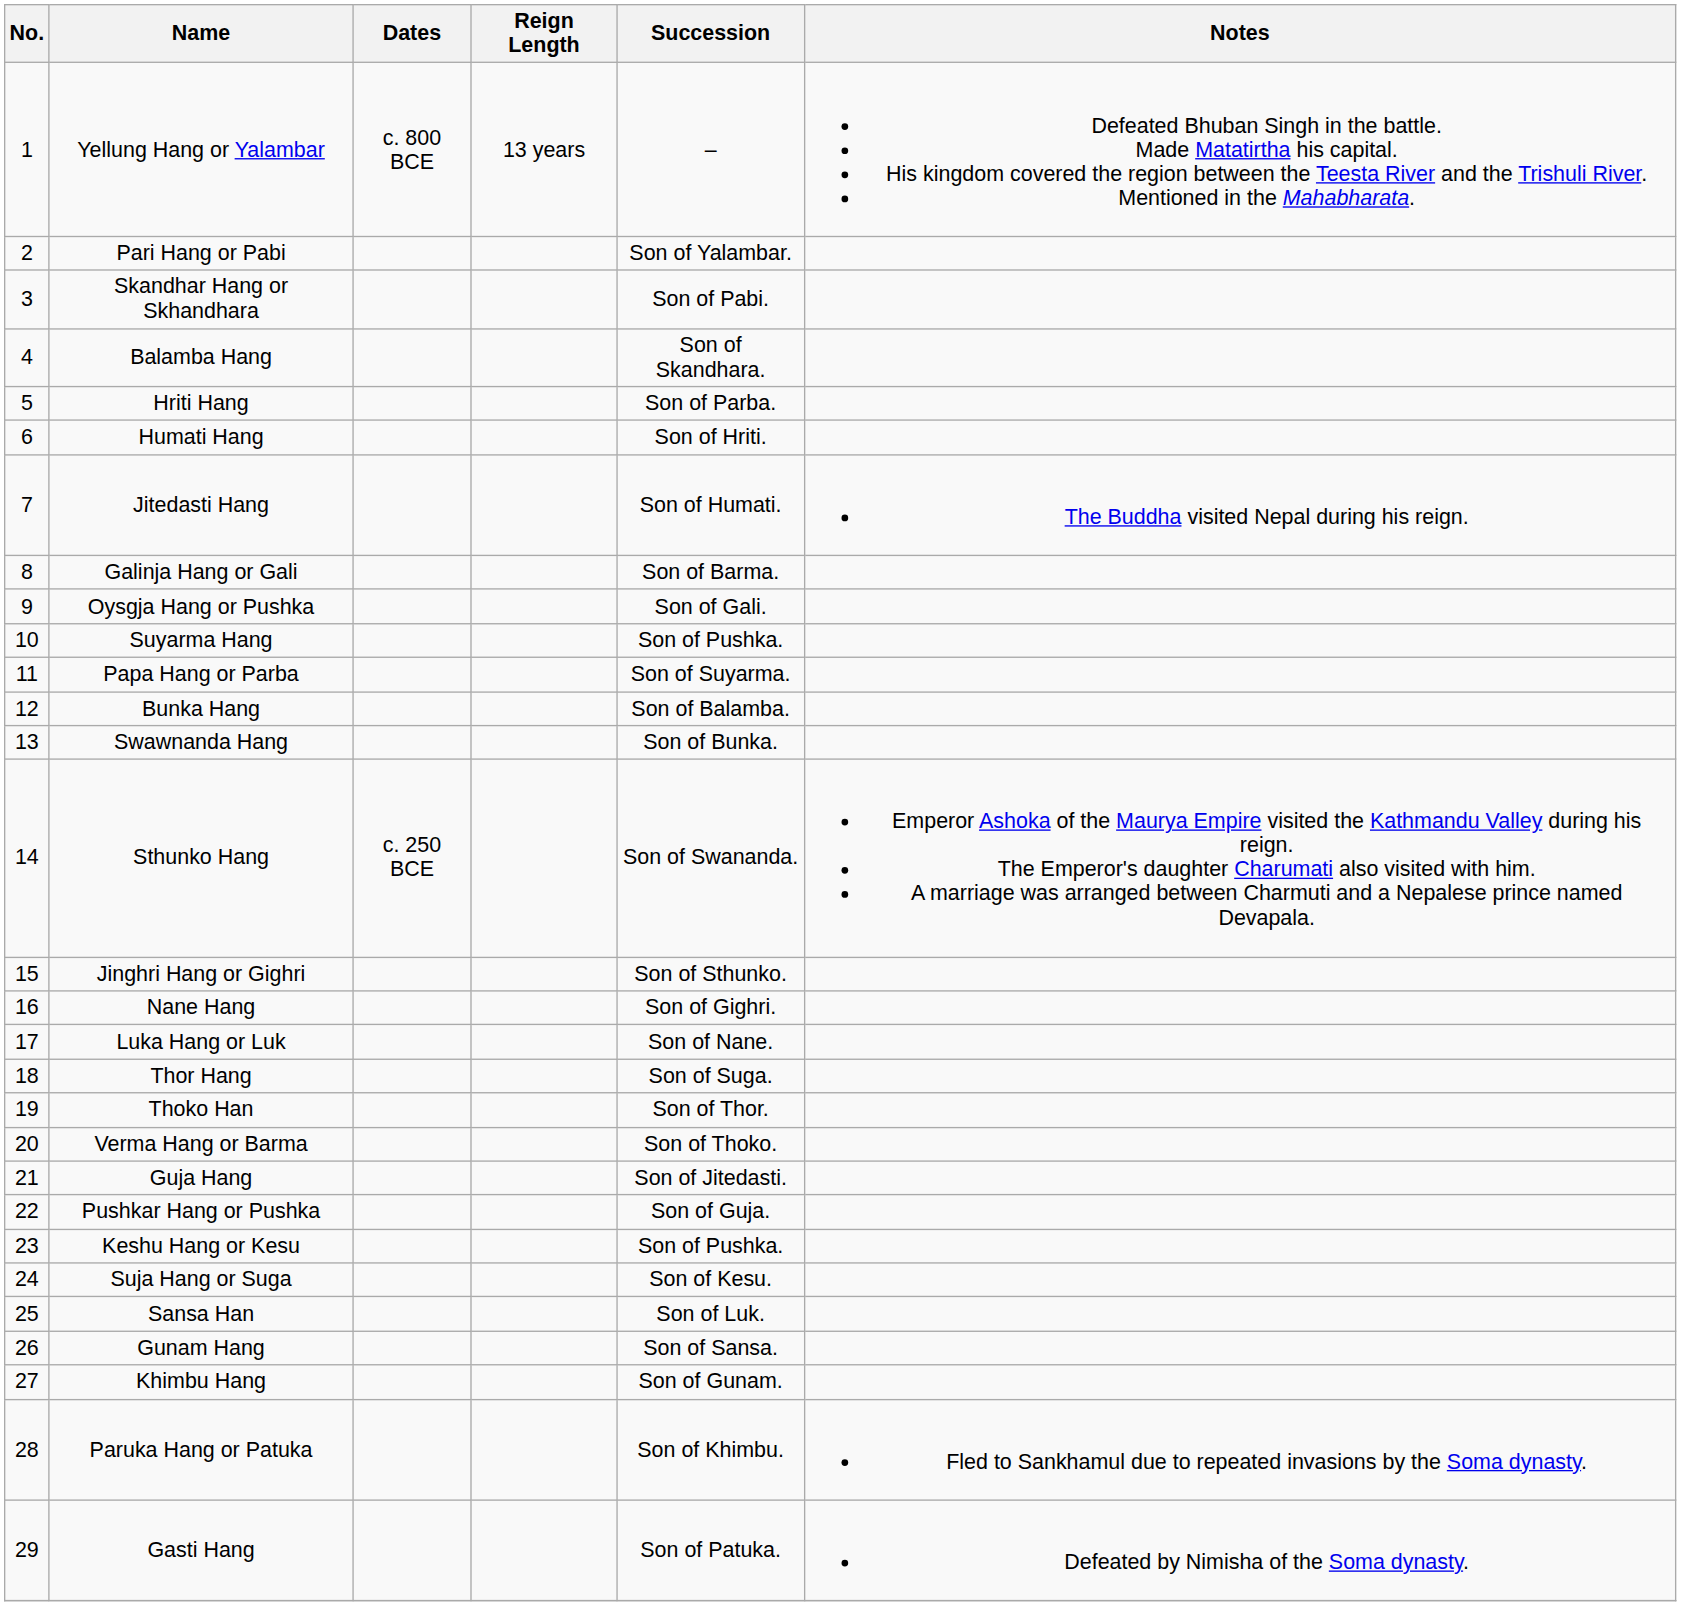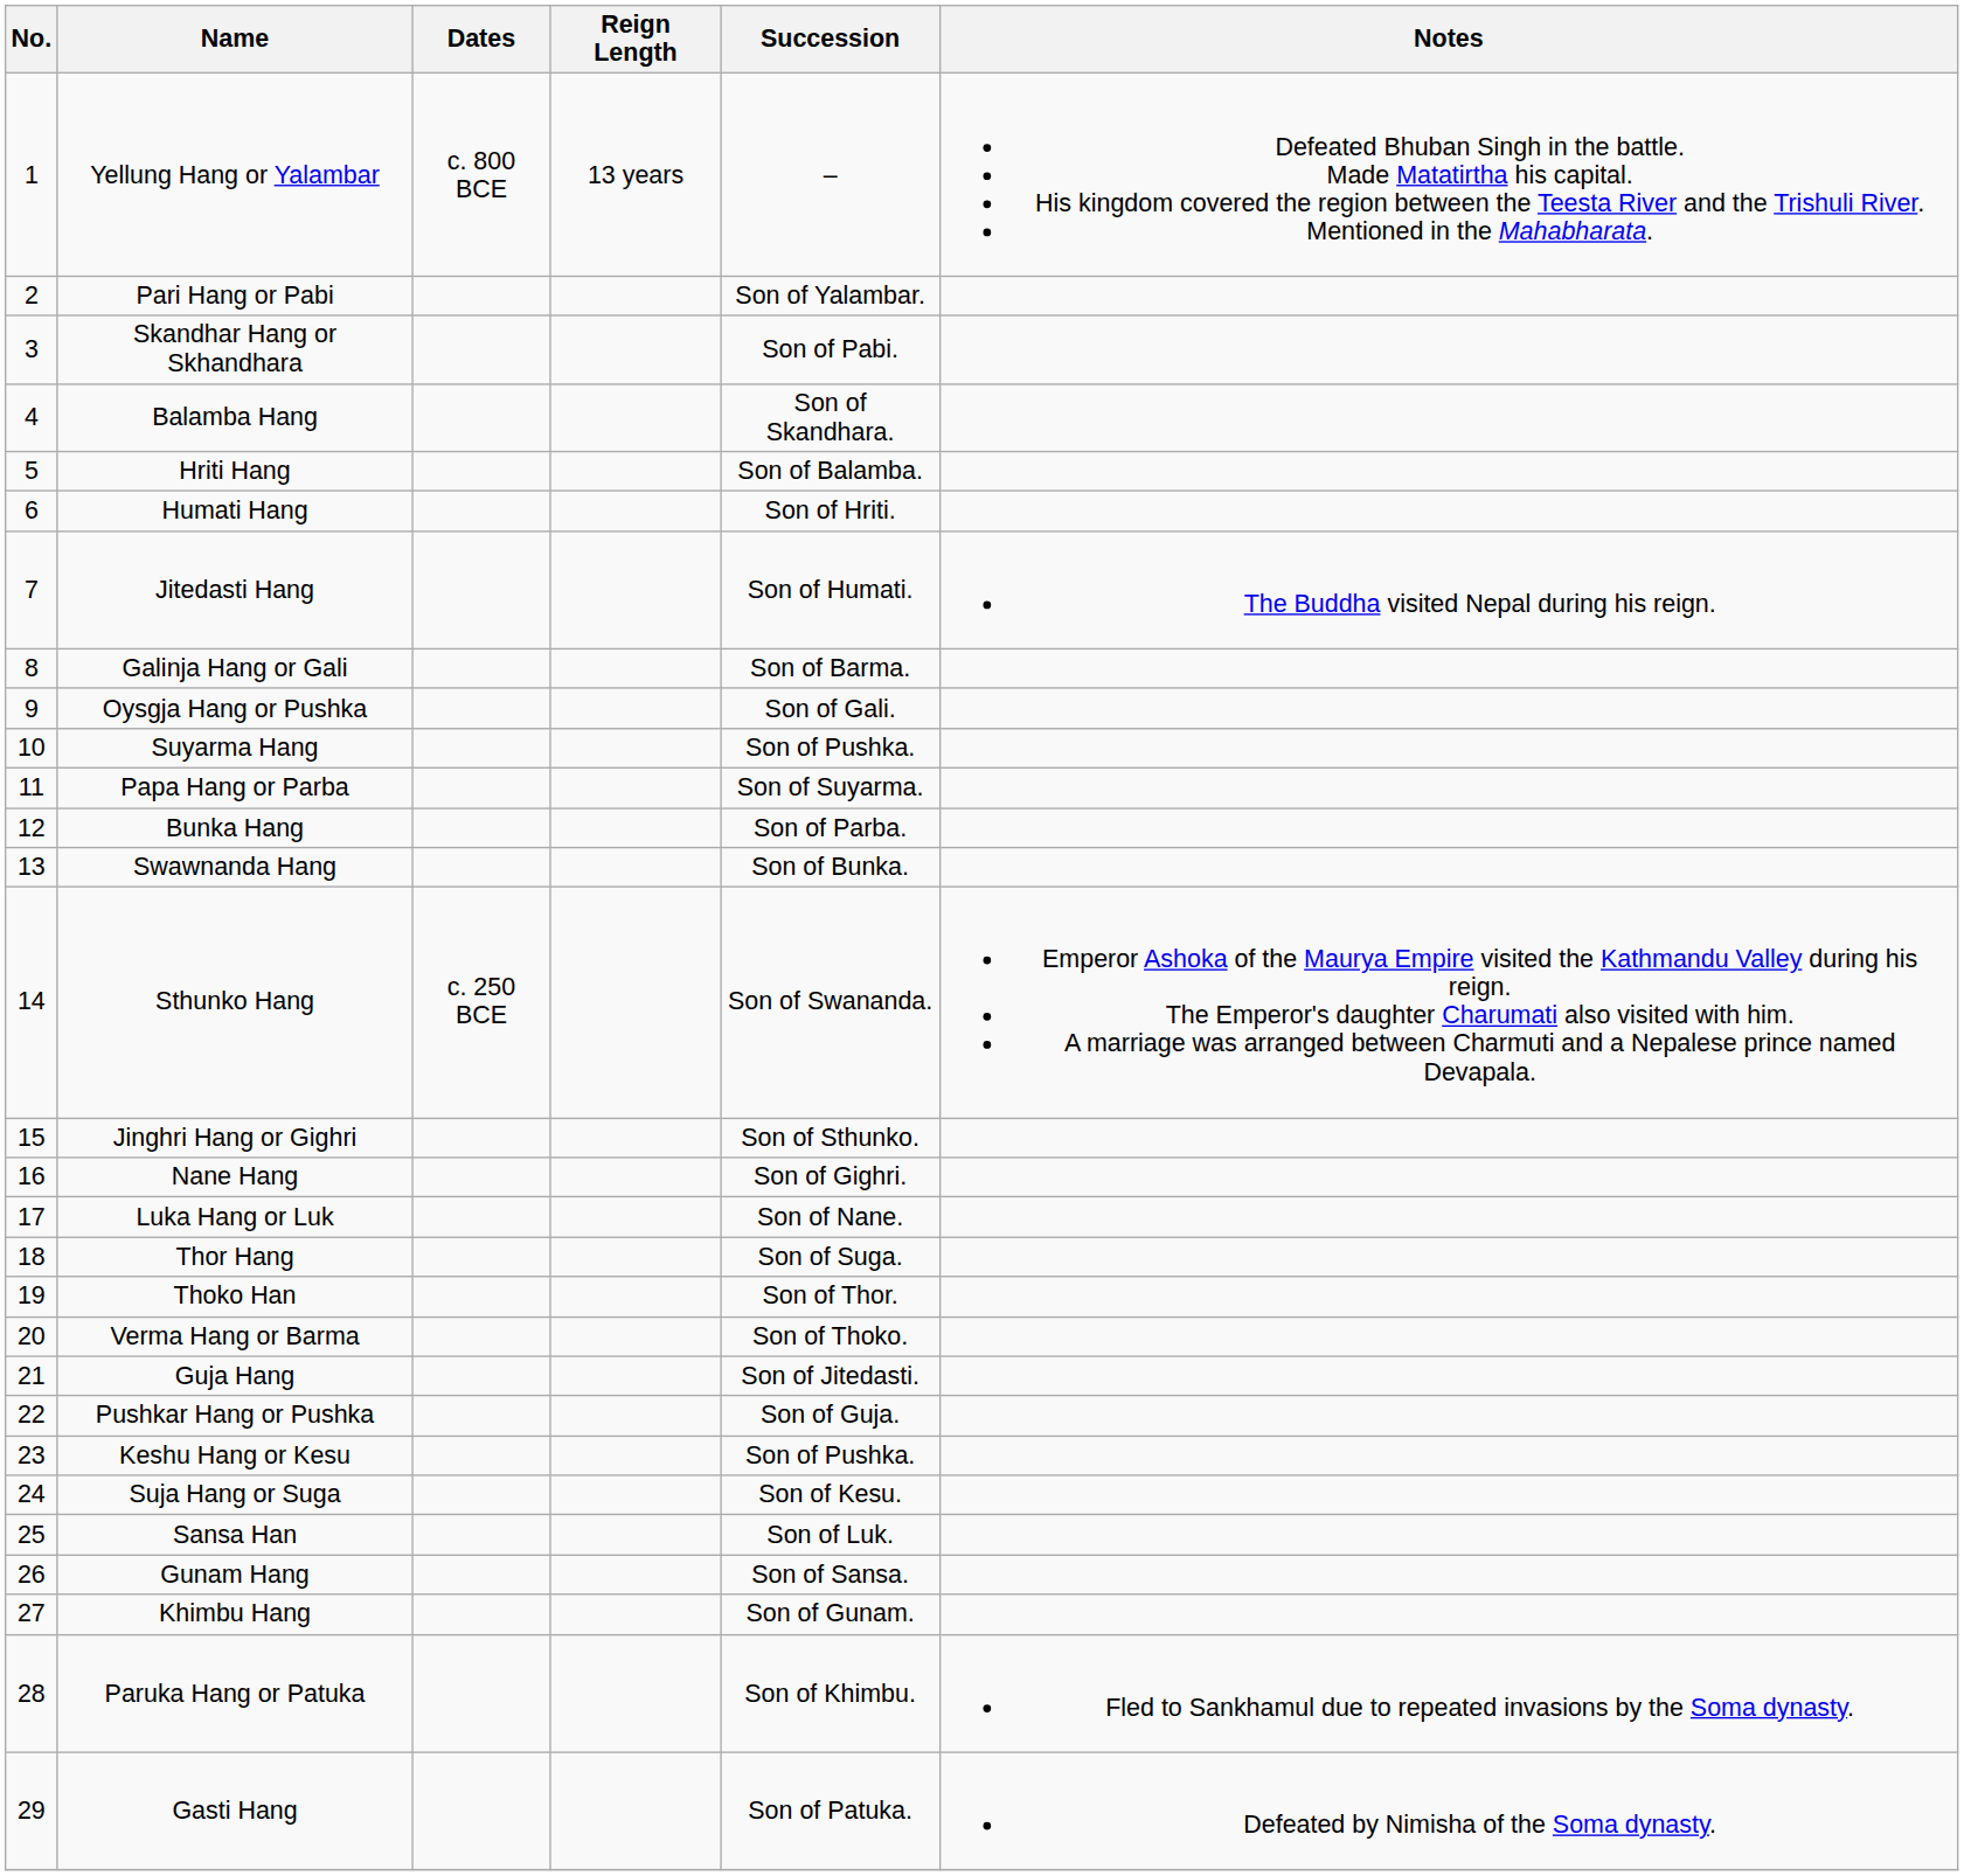 <table class="wikitable" style="text-align:center;">
 <tr>
 <th>No.</th>
 <th>Name</th>
 <th>Dates</th>
 <th>Reign Length</th>
 <th>Succession</th>
 <th>Notes</th>
 </tr>
 <tr>
 <td>1</td>
 <td>Yellung Hang or <a href='#'>Yalambar</a></td>
 <td>c. 800 BCE</td>
 <td>13 years</td>
 <td>–</td>
 <td><br><ul><li>Defeated Bhuban Singh in the battle.</li><li>Made <a href='#'>Matatirtha</a> his capital.</li><li>His kingdom covered the region between the <a href='#'>Teesta River</a> and the <a href='#'>Trishuli River</a>.</li><li>Mentioned in the <em><a href='#'>Mahabharata</a></em>.</li></ul></td>
 </tr>
 <tr>
 <td>2</td>
 <td>Pari Hang or Pabi</td>
 <td></td>
 <td></td>
 <td>Son of Yalambar.</td>
 <td></td>
 </tr>
 <tr>
 <td>3</td>
 <td>Skandhar Hang or Skhandhara</td>
 <td></td>
 <td></td>
 <td>Son of Pabi.</td>
 <td></td>
 </tr>
 <tr>
 <td>4</td>
 <td>Balamba Hang</td>
 <td></td>
 <td></td>
 <td>Son of Skandhara.</td>
 <td></td>
 </tr>
 <tr>
 <td>5</td>
 <td>Hriti Hang</td>
 <td></td>
 <td></td>
-<td>Son of Parba.</td>
+<td>Son of Balamba.</td>
 <td></td>
 </tr>
 <tr>
 <td>6</td>
 <td>Humati Hang</td>
 <td></td>
 <td></td>
 <td>Son of Hriti.</td>
 <td></td>
 </tr>
 <tr>
 <td>7</td>
 <td>Jitedasti Hang</td>
 <td></td>
 <td></td>
 <td>Son of Humati.</td>
 <td><br><ul><li><a href='#'>The Buddha</a> visited Nepal during his reign.</li></ul></td>
 </tr>
 <tr>
 <td>8</td>
 <td>Galinja Hang or Gali</td>
 <td></td>
 <td></td>
 <td>Son of Barma.</td>
 <td></td>
 </tr>
 <tr>
 <td>9</td>
 <td>Oysgja Hang or Pushka</td>
 <td></td>
 <td></td>
 <td>Son of Gali.</td>
 <td></td>
 </tr>
 <tr>
 <td>10</td>
 <td>Suyarma Hang</td>
 <td></td>
 <td></td>
 <td>Son of Pushka.</td>
 <td></td>
 </tr>
 <tr>
 <td>11</td>
 <td>Papa Hang or Parba</td>
 <td></td>
 <td></td>
 <td>Son of Suyarma.</td>
 <td></td>
 </tr>
 <tr>
 <td>12</td>
 <td>Bunka Hang</td>
 <td></td>
 <td></td>
-<td>Son of Balamba.</td>
+<td>Son of Parba.</td>
 <td></td>
 </tr>
 <tr>
 <td>13</td>
 <td>Swawnanda Hang</td>
 <td></td>
 <td></td>
 <td>Son of Bunka.</td>
 <td></td>
 </tr>
 <tr>
 <td>14</td>
 <td>Sthunko Hang</td>
 <td>c. 250 BCE</td>
 <td></td>
 <td>Son of Swananda.</td>
 <td><br><ul><li>Emperor <a href='#'>Ashoka</a> of the <a href='#'>Maurya Empire</a> visited the <a href='#'>Kathmandu Valley</a> during his reign.</li><li>The Emperor's daughter <a href='#'>Charumati</a> also visited with him.</li><li>A marriage was arranged between Charmuti and a Nepalese prince named Devapala.</li></ul></td>
 </tr>
 <tr>
 <td>15</td>
 <td>Jinghri Hang or Gighri</td>
 <td></td>
 <td></td>
 <td>Son of Sthunko.</td>
 <td></td>
 </tr>
 <tr>
 <td>16</td>
 <td>Nane Hang</td>
 <td></td>
 <td></td>
 <td>Son of Gighri.</td>
 <td></td>
 </tr>
 <tr>
 <td>17</td>
 <td>Luka Hang or Luk</td>
 <td></td>
 <td></td>
 <td>Son of Nane.</td>
 <td></td>
 </tr>
 <tr>
 <td>18</td>
 <td>Thor Hang</td>
 <td></td>
 <td></td>
 <td>Son of Suga.</td>
 <td></td>
 </tr>
 <tr>
 <td>19</td>
 <td>Thoko Han</td>
 <td></td>
 <td></td>
 <td>Son of Thor.</td>
 <td></td>
 </tr>
 <tr>
 <td>20</td>
 <td>Verma Hang or Barma</td>
 <td></td>
 <td></td>
 <td>Son of Thoko.</td>
 <td></td>
 </tr>
 <tr>
 <td>21</td>
 <td>Guja Hang</td>
 <td></td>
 <td></td>
 <td>Son of Jitedasti.</td>
 <td></td>
 </tr>
 <tr>
 <td>22</td>
 <td>Pushkar Hang or Pushka</td>
 <td></td>
 <td></td>
 <td>Son of Guja.</td>
 <td></td>
 </tr>
 <tr>
 <td>23</td>
 <td>Keshu Hang or Kesu</td>
 <td></td>
 <td></td>
 <td>Son of Pushka.</td>
 <td></td>
 </tr>
 <tr>
 <td>24</td>
 <td>Suja Hang or Suga</td>
 <td></td>
 <td></td>
 <td>Son of Kesu.</td>
 <td></td>
 </tr>
 <tr>
 <td>25</td>
 <td>Sansa Han</td>
 <td></td>
 <td></td>
 <td>Son of Luk.</td>
 <td></td>
 </tr>
 <tr>
 <td>26</td>
 <td>Gunam Hang</td>
 <td></td>
 <td></td>
 <td>Son of Sansa.</td>
 <td></td>
 </tr>
 <tr>
 <td>27</td>
 <td>Khimbu Hang</td>
 <td></td>
 <td></td>
 <td>Son of Gunam.</td>
 <td></td>
 </tr>
 <tr>
 <td>28</td>
 <td>Paruka Hang or Patuka</td>
 <td></td>
 <td></td>
 <td>Son of Khimbu.</td>
 <td><br><ul><li>Fled to Sankhamul due to repeated invasions by the <a href='#'>Soma dynasty</a>.</li></ul></td>
 </tr>
 <tr>
 <td>29</td>
 <td>Gasti Hang</td>
 <td></td>
 <td></td>
 <td>Son of Patuka.</td>
 <td><br><ul><li>Defeated by Nimisha of the <a href='#'>Soma dynasty</a>.</li></ul></td>
 </tr>
 <tr>
 </tr>
 </table>
